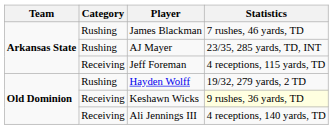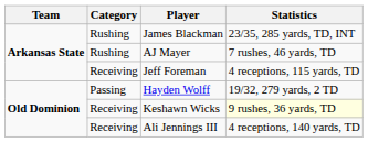 <table class="wikitable" style="float: right;">
 <tr>
 <th>Team</th>
 <th>Category</th>
 <th>Player</th>
 <th>Statistics</th>
 </tr>
 <tr>
 <td rowspan=3><strong>Arkansas State</strong></td>
 <td>Rushing</td>
 <td>James Blackman</td>
-<td>7 rushes, 46 yards, TD</td>
+<td>23/35, 285 yards, TD, INT</td>
 </tr>
 <tr>
 <td>Rushing</td>
 <td>AJ Mayer</td>
-<td>23/35, 285 yards, TD, INT</td>
+<td>7 rushes, 46 yards, TD</td>
 </tr>
 <tr>
 <td>Receiving</td>
 <td>Jeff Foreman</td>
 <td>4 receptions, 115 yards, TD</td>
 </tr>
 <tr>
 <td rowspan=3><strong>Old Dominion</strong></td>
-<td>Rushing</td>
+<td>Passing</td>
 <td><a href='#'>Hayden Wolff</a></td>
 <td>19/32, 279 yards, 2 TD</td>
 </tr>
 <tr>
 <td>Receiving</td>
 <td>Keshawn Wicks</td>
 <td style="background: lightyellow;">9 rushes, 36 yards, TD</td>
 </tr>
 <tr>
 <td>Receiving</td>
 <td>Ali Jennings III</td>
 <td>4 receptions, 140 yards, TD</td>
 </tr>
 </table>
